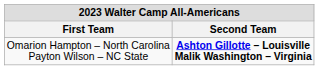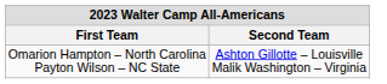 <table class="wikitable" style="white-space:nowrap; text-align:center; font-size:90%;">
 <tr>
 <td colspan="7" style="text-align:center; background:#ddd;"><strong>2023 Walter Camp All-Americans</strong></td>
 </tr>
 <tr>
 <th>First Team</th>
 <th>Second Team</th>
 </tr>
 <tr>
 <td>Omarion Hampton – North Carolina<br>Payton Wilson – NC State</td>
-<td><strong><a href='#'>Ashton Gillotte</a> – Louisville<br>Malik Washington – Virginia</strong></td>
+<td><a href='#'>Ashton Gillotte</a> – Louisville<br>Malik Washington – Virginia</td>
 </tr>
 </table>
